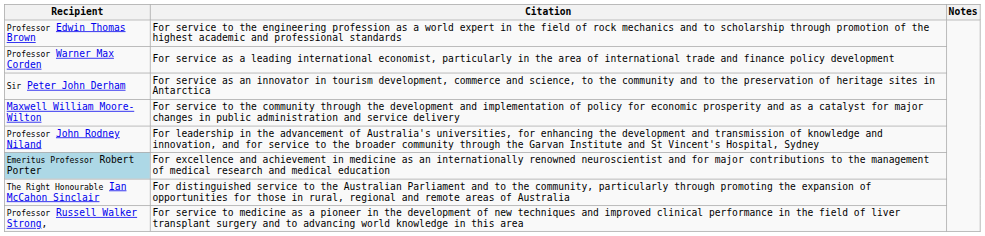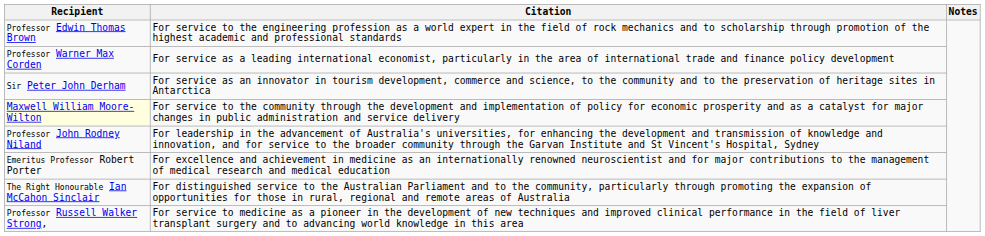 <table class="wikitable" style="font-size:95%;">
 <tr>
 <th>Recipient</th>
 <th>Citation</th>
 <th>Notes</th>
 </tr>
 <tr>
 <td><small>Professor</small> <a href='#'>Edwin Thomas Brown</a></td>
 <td>For service to the engineering profession as a world expert in the field of rock mechanics and to scholarship through promotion of the highest academic and professional standards</td>
 <td rowspan=8></td>
 </tr>
 <tr>
 <td><small>Professor</small> <a href='#'>Warner Max Corden</a></td>
 <td>For service as a leading international economist, particularly in the area of international trade and finance policy development</td>
 </tr>
 <tr>
 <td><small>Sir</small> <a href='#'>Peter John Derham</a></td>
 <td>For service as an innovator in tourism development, commerce and science, to the community and to the preservation of heritage sites in Antarctica</td>
 </tr>
 <tr>
-<td><a href='#'>Maxwell William Moore-Wilton</a></td>
+<td style="background: lightyellow;"><a href='#'>Maxwell William Moore-Wilton</a></td>
 <td>For service to the community through the development and implementation of policy for economic prosperity and as a catalyst for major changes in public administration and service delivery</td>
 </tr>
 <tr>
 <td><small>Professor</small> <a href='#'>John Rodney Niland</a> </td>
 <td>For leadership in the advancement of Australia's universities, for enhancing the development and transmission of knowledge and innovation, and for service to the broader community through the Garvan Institute and St Vincent's Hospital, Sydney</td>
 </tr>
 <tr>
-<td style="background: lightblue;"><small>Emeritus Professor</small> Robert Porter</td>
+<td><small>Emeritus Professor</small> Robert Porter</td>
 <td>For excellence and achievement in medicine as an internationally renowned neuroscientist and for major contributions to the management of medical research and medical education</td>
 </tr>
 <tr>
 <td><small>The Right Honourable</small> <a href='#'>Ian McCahon Sinclair</a></td>
 <td>For distinguished service to the Australian Parliament and to the community, particularly through promoting the expansion of opportunities for those in rural, regional and remote areas of Australia</td>
 </tr>
 <tr>
 <td><small>Professor</small> <a href='#'>Russell Walker Strong</a>, </td>
 <td>For service to medicine as a pioneer in the development of new techniques and improved clinical performance in the field of liver transplant surgery and to advancing world knowledge in this area</td>
 </tr>
 </table>
